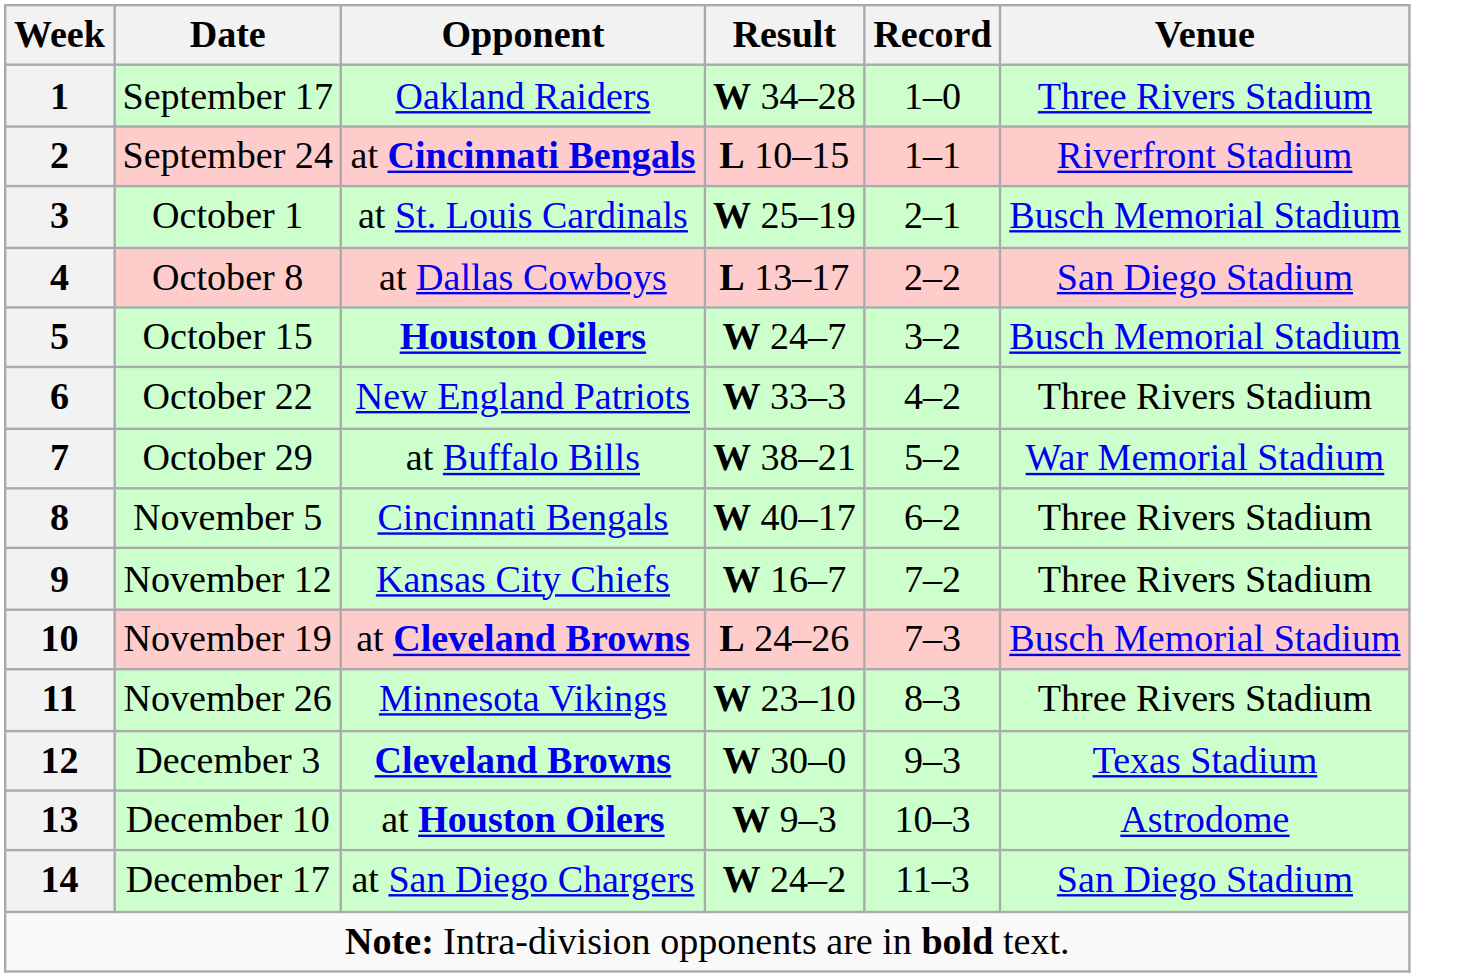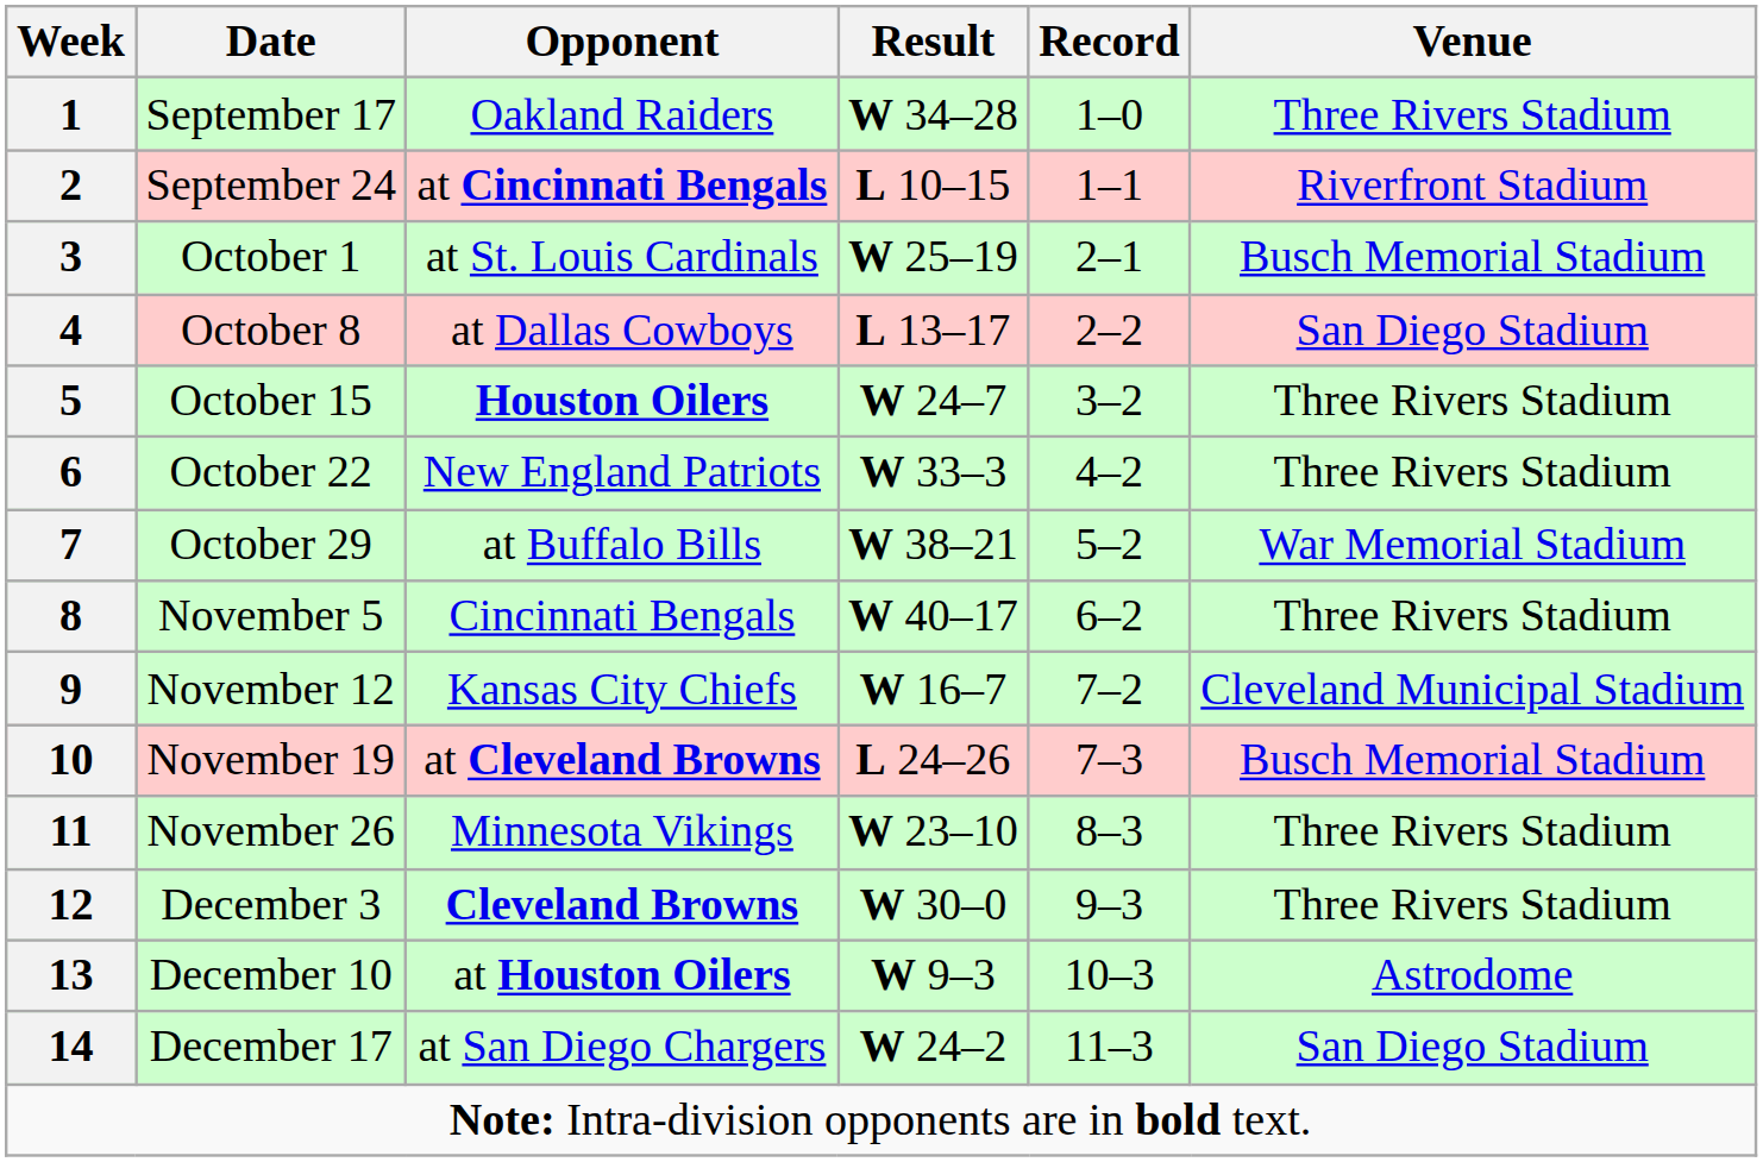 <table class="wikitable" style="text-align:center">
 <tr>
 <th>Week</th>
 <th>Date</th>
 <th>Opponent</th>
 <th>Result</th>
 <th>Record</th>
 <th>Venue</th>
 </tr>
 <tr style="background:#cfc">
 <th>1</th>
 <td>September 17</td>
 <td><a href='#'>Oakland Raiders</a></td>
 <td><strong>W</strong> 34–28</td>
 <td>1–0</td>
 <td><a href='#'>Three Rivers Stadium</a></td>
 </tr>
 <tr style="background:#fcc">
 <th>2</th>
 <td>September 24</td>
 <td>at <strong><a href='#'>Cincinnati Bengals</a></strong></td>
 <td><strong>L</strong> 10–15</td>
 <td>1–1</td>
 <td><a href='#'>Riverfront Stadium</a></td>
 </tr>
 <tr style="background:#cfc">
 <th>3</th>
 <td>October 1</td>
 <td>at <a href='#'>St. Louis Cardinals</a></td>
 <td><strong>W</strong> 25–19</td>
 <td>2–1</td>
 <td><a href='#'>Busch Memorial Stadium</a></td>
 </tr>
 <tr style="background:#fcc">
 <th>4</th>
 <td>October 8</td>
 <td>at <a href='#'>Dallas Cowboys</a></td>
 <td><strong>L</strong> 13–17</td>
 <td>2–2</td>
 <td><a href='#'>San Diego Stadium</a></td>
 </tr>
 <tr style="background:#cfc">
 <th>5</th>
 <td>October 15</td>
 <td><strong><a href='#'>Houston Oilers</a></strong></td>
 <td><strong>W</strong> 24–7</td>
 <td>3–2</td>
-<td><a href='#'>Busch Memorial Stadium</a></td>
+<td>Three Rivers Stadium</td>
 </tr>
 <tr style="background:#cfc">
 <th>6</th>
 <td>October 22</td>
 <td><a href='#'>New England Patriots</a></td>
 <td><strong>W</strong> 33–3</td>
 <td>4–2</td>
 <td>Three Rivers Stadium</td>
 </tr>
 <tr style="background:#cfc">
 <th>7</th>
 <td>October 29</td>
 <td>at <a href='#'>Buffalo Bills</a></td>
 <td><strong>W</strong> 38–21</td>
 <td>5–2</td>
 <td><a href='#'>War Memorial Stadium</a></td>
 </tr>
 <tr style="background:#cfc">
 <th>8</th>
 <td>November 5</td>
 <td><a href='#'>Cincinnati Bengals</a></td>
 <td><strong>W</strong> 40–17</td>
 <td>6–2</td>
 <td>Three Rivers Stadium</td>
 </tr>
 <tr style="background:#cfc">
 <th>9</th>
 <td>November 12</td>
 <td><a href='#'>Kansas City Chiefs</a></td>
 <td><strong>W</strong> 16–7</td>
 <td>7–2</td>
-<td>Three Rivers Stadium</td>
+<td><a href='#'>Cleveland Municipal Stadium</a></td>
 </tr>
 <tr style="background:#fcc">
 <th>10</th>
 <td>November 19</td>
 <td>at <strong><a href='#'>Cleveland Browns</a></strong></td>
 <td><strong>L</strong> 24–26</td>
 <td>7–3</td>
 <td><a href='#'>Busch Memorial Stadium</a></td>
 </tr>
 <tr style="background:#cfc">
 <th>11</th>
 <td>November 26</td>
 <td><a href='#'>Minnesota Vikings</a></td>
 <td><strong>W</strong> 23–10</td>
 <td>8–3</td>
 <td>Three Rivers Stadium</td>
 </tr>
 <tr style="background:#cfc">
 <th>12</th>
 <td>December 3</td>
 <td><strong><a href='#'>Cleveland Browns</a></strong></td>
 <td><strong>W</strong> 30–0</td>
 <td>9–3</td>
-<td><a href='#'>Texas Stadium</a></td>
+<td>Three Rivers Stadium</td>
 </tr>
 <tr style="background:#cfc">
 <th>13</th>
 <td>December 10</td>
 <td>at <strong><a href='#'>Houston Oilers</a></strong></td>
 <td><strong>W</strong> 9–3</td>
 <td>10–3</td>
 <td><a href='#'>Astrodome</a></td>
 </tr>
 <tr style="background:#cfc">
 <th>14</th>
 <td>December 17</td>
 <td>at <a href='#'>San Diego Chargers</a></td>
 <td><strong>W</strong> 24–2</td>
 <td>11–3</td>
 <td><a href='#'>San Diego Stadium</a></td>
 </tr>
 <tr>
 <td colspan="8"><strong>Note:</strong> Intra-division opponents are in <strong>bold</strong> text.</td>
 </tr>
 </table>
